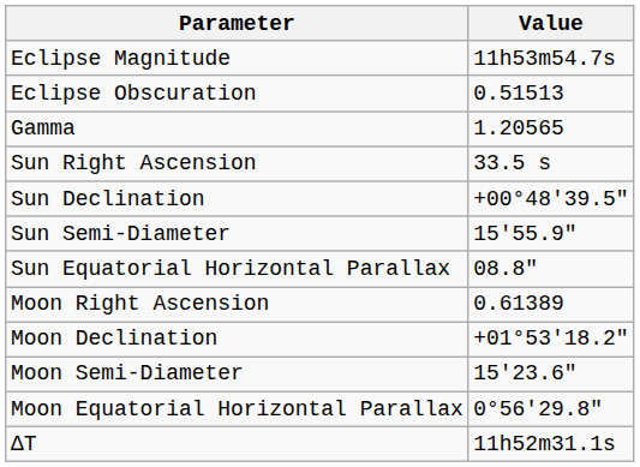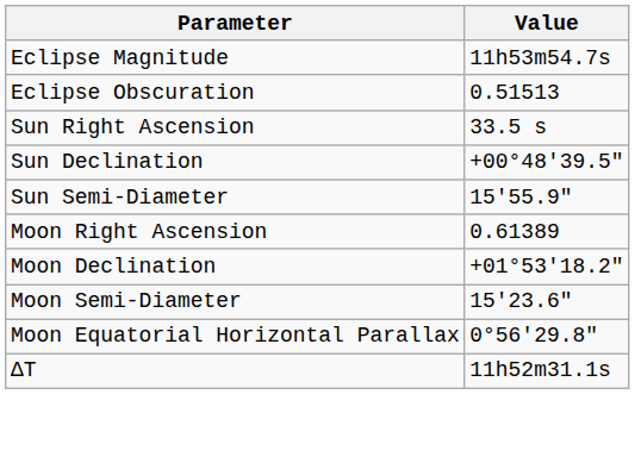 <table class="wikitable">
 <tr>
 <th>Parameter</th>
 <th>Value</th>
 </tr>
 <tr>
 <td>Eclipse Magnitude</td>
 <td>11h53m54.7s</td>
 </tr>
 <tr>
 <td>Eclipse Obscuration</td>
 <td>0.51513</td>
 </tr>
 <tr>
-<td>Gamma</td>
-<td>1.20565</td>
-</tr>
-<tr>
 <td>Sun Right Ascension</td>
 <td>33.5 s</td>
 </tr>
 <tr>
 <td>Sun Declination</td>
 <td>+00°48'39.5"</td>
 </tr>
 <tr>
 <td>Sun Semi-Diameter</td>
 <td>15'55.9"</td>
-</tr>
-<tr>
-<td>Sun Equatorial Horizontal Parallax</td>
-<td>08.8"</td>
 </tr>
 <tr>
 <td>Moon Right Ascension</td>
 <td>0.61389</td>
 </tr>
 <tr>
 <td>Moon Declination</td>
 <td>+01°53'18.2"</td>
 </tr>
 <tr>
 <td>Moon Semi-Diameter</td>
 <td>15'23.6"</td>
 </tr>
 <tr>
 <td>Moon Equatorial Horizontal Parallax</td>
 <td>0°56'29.8"</td>
 </tr>
 <tr>
 <td>ΔT</td>
 <td>11h52m31.1s</td>
 </tr>
 </table>
